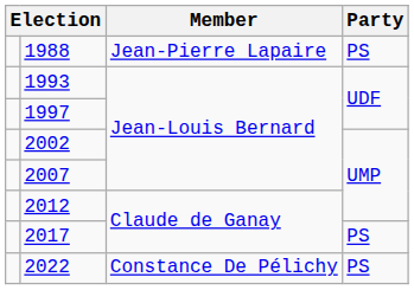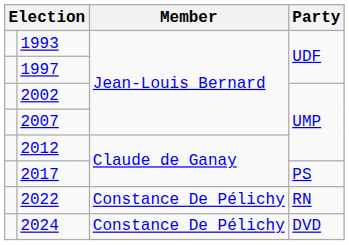 <table class="wikitable">
 <tr>
 <th colspan=2>Election</th>
 <th>Member</th>
 <th>Party</th>
-</tr>
-<tr>
-<td style="color:inherit;background-color: "></td>
-<td><a href='#'>1988</a></td>
-<td><a href='#'>Jean-Pierre Lapaire</a></td>
-<td><a href='#'>PS</a></td>
 </tr>
 <tr>
 <td style="color:inherit;background-color: "></td>
 <td><a href='#'>1993</a></td>
 <td rowspan="4"><a href='#'>Jean-Louis Bernard</a></td>
 <td rowspan="2"><a href='#'>UDF</a></td>
 </tr>
 <tr>
 <td style="color:inherit;background-color: "></td>
 <td><a href='#'>1997</a></td>
 </tr>
 <tr>
 <td style="color:inherit;background-color: "></td>
 <td><a href='#'>2002</a></td>
 <td rowspan="3"><a href='#'>UMP</a></td>
 </tr>
 <tr>
 <td style="color:inherit;background-color: "></td>
 <td><a href='#'>2007</a></td>
 </tr>
 <tr>
 <td style="color:inherit;background-color: "></td>
 <td><a href='#'>2012</a></td>
 <td rowspan="2"><a href='#'>Claude de Ganay</a></td>
 </tr>
 <tr>
 <td style="color:inherit;background-color: "></td>
 <td><a href='#'>2017</a></td>
 <td><a href='#'>PS</a></td>
 </tr>
 <tr>
 <td style="color:inherit;background-color: "></td>
 <td><a href='#'>2022</a></td>
 <td><a href='#'>Constance De Pélichy</a></td>
-<td><a href='#'>PS</a></td>
+<td><a href='#'>RN</a></td>
+</tr>
+<tr>
+<td style="color:inherit;background-color: "></td>
+<td><a href='#'>2024</a></td>
+<td><a href='#'>Constance De Pélichy</a></td>
+<td><a href='#'>DVD</a></td>
 </tr>
 </table>
